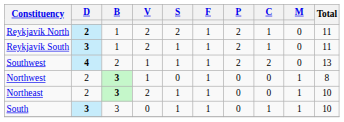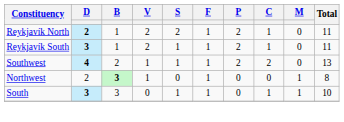 <table class="wikitable sortable" style="font-size:90%; text-align:center;">
 <tr>
 <th rowspan=2><a href='#'>Constituency</a></th>
 <th style="width:40px;"><a href='#'>D</a></th>
 <th style="width:40px;"><a href='#'>B</a></th>
 <th style="width:40px;"><a href='#'>V</a></th>
 <th style="width:40px;"><a href='#'>S</a></th>
 <th style="width:40px;"><a href='#'>F</a></th>
 <th style="width:40px;"><a href='#'>P</a></th>
 <th style="width:40px;"><a href='#'>C</a></th>
 <th style="width:40px;"><a href='#'>M</a></th>
 <th rowspan="2">Total</th>
 </tr>
 <tr>
 <th style="background:"></th>
 <th style="background:"></th>
 <th style="background:"></th>
 <th style="background:"></th>
 <th style="background:"></th>
 <th style="background:"></th>
 <th style="background:"></th>
 <th style="background:"></th>
 </tr>
 <tr>
 <td align=left><a href='#'>Reykjavík North</a></td>
 <th style="background:#C6ECFB;">2</th>
 <td>1</td>
 <td>2</td>
 <td>2</td>
 <td>1</td>
 <td>2</td>
 <td>1</td>
 <td>0</td>
 <td>11</td>
 </tr>
 <tr>
 <td align=left><a href='#'>Reykjavík South</a></td>
 <th style="background:#C6ECFB;">3</th>
 <td>1</td>
 <td>2</td>
 <td>1</td>
 <td>1</td>
 <td>2</td>
 <td>1</td>
 <td>0</td>
 <td>11</td>
 </tr>
 <tr>
 <td align=left><a href='#'>Southwest</a></td>
 <th style="background:#C6ECFB;">4</th>
 <td>2</td>
 <td>1</td>
 <td>1</td>
 <td>1</td>
 <td>2</td>
 <td>2</td>
 <td>0</td>
 <td>13</td>
 </tr>
 <tr>
 <td align=left><a href='#'>Northwest</a></td>
 <td>2</td>
 <th style="background:#C5F7CA;">3</th>
 <td>1</td>
 <td>0</td>
 <td>1</td>
 <td>0</td>
 <td>0</td>
 <td>1</td>
 <td>8</td>
 </tr>
 <tr>
-<td align=left><a href='#'>Northeast</a></td>
-<td>2</td>
-<th style="background:#C5F7CA;">3</th>
-<td>2</td>
-<td>1</td>
-<td>1</td>
-<td>0</td>
-<td>0</td>
-<td>1</td>
-<td>10</td>
-</tr>
-<tr>
 <td align=left><a href='#'>South</a></td>
 <th style="background:#C6ECFB;">3</th>
 <td>3</td>
 <td>0</td>
 <td>1</td>
 <td>1</td>
 <td>0</td>
 <td>1</td>
 <td>1</td>
 <td>10</td>
 </tr>
 <tr>
 </tr>
 </table>
